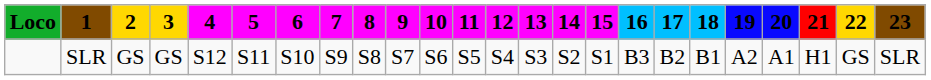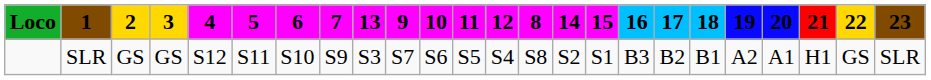 <table class="wikitable plainrowheaders unsortable" style="text-align:center">
 <tr>
 <th scope="col" rowspan="1" style="background:#12ad2b;"><span>Loco</span></th>
 <th scope="col" rowspan="1" style="background:#804a00;"><span>1</span></th>
 <th scope="col" rowspan="1" style="background:#ffd801;">2</th>
 <th scope="col" rowspan="1" style="background:#ffd801;">3</th>
 <th scope="col" rowspan="1" style="background:#ff00ff;">4</th>
 <th scope="col" rowspan="1" style="background:#ff00ff;">5</th>
 <th scope="col" rowspan="1" style="background:#ff00ff;">6</th>
 <th scope="col" rowspan="1" style="background:#ff00ff;">7</th>
-<th scope="col" rowspan="1" style="background:#ff00ff;">8</th>
+<th scope="col" rowspan="1" style="background:#ff00ff;">13</th>
 <th scope="col" rowspan="1" style="background:#ff00ff;">9</th>
 <th scope="col" rowspan="1" style="background:#ff00ff;">10</th>
 <th scope="col" rowspan="1" style="background:#ff00ff;">11</th>
 <th scope="col" rowspan="1" style="background:#ff00ff;">12</th>
-<th scope="col" rowspan="1" style="background:#ff00ff;">13</th>
+<th scope="col" rowspan="1" style="background:#ff00ff;">8</th>
 <th scope="col" rowspan="1" style="background:#ff00ff;">14</th>
 <th scope="col" rowspan="1" style="background:#ff00ff;">15</th>
 <th scope="col" rowspan="1" style="background:#00bfff;">16</th>
 <th scope="col" rowspan="1" style="background:#00bfff;">17</th>
 <th scope="col" rowspan="1" style="background:#00bfff;">18</th>
 <th scope="col" rowspan="1" style="background:#0909ff;"><span>19</span></th>
 <th scope="col" rowspan="1" style="background:#0909ff;"><span>20</span></th>
 <th scope="col" rowspan="1" style="background:#ff0000;"><span>21</span></th>
 <th scope="col" rowspan="1" style="background:#ffd801;">22</th>
 <th scope="col" rowspan="1" style="background:#804a00;"><span>23</span></th>
 </tr>
 <tr>
 <td></td>
 <td>SLR</td>
 <td>GS</td>
 <td>GS</td>
 <td>S12</td>
 <td>S11</td>
 <td>S10</td>
 <td>S9</td>
-<td>S8</td>
+<td>S3</td>
 <td>S7</td>
 <td>S6</td>
 <td>S5</td>
 <td>S4</td>
-<td>S3</td>
+<td>S8</td>
 <td>S2</td>
 <td>S1</td>
 <td>B3</td>
 <td>B2</td>
 <td>B1</td>
 <td>A2</td>
 <td>A1</td>
 <td>H1</td>
 <td>GS</td>
 <td>SLR</td>
 </tr>
 </table>
